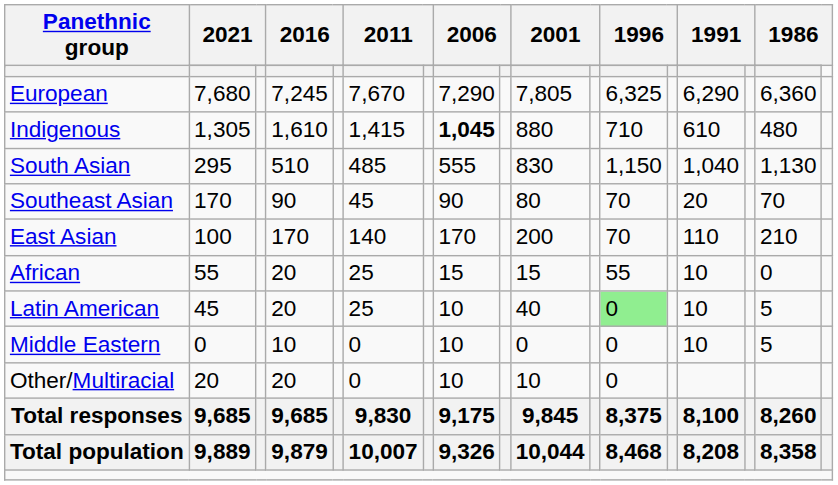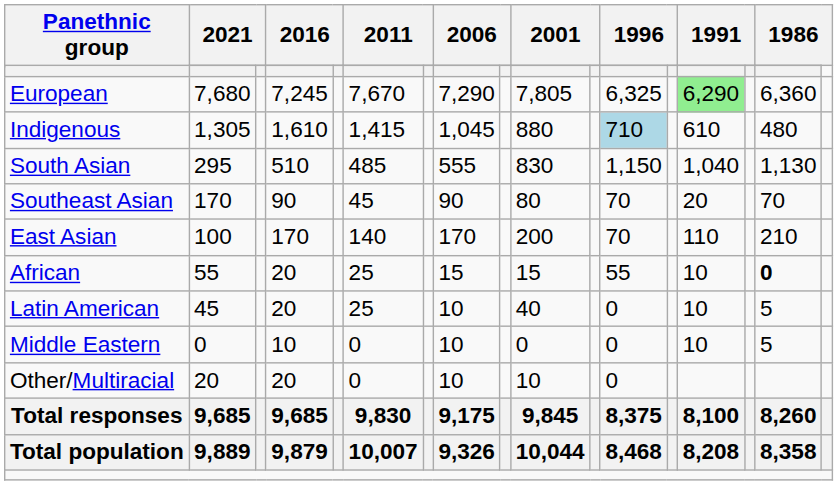 <table class="wikitable collapsible sortable">
 <tr>
 <th rowspan="2"><a href='#'>Panethnic</a><br>group</th>
 <th colspan="2">2021</th>
 <th colspan="2">2016</th>
 <th colspan="2">2011</th>
 <th colspan="2">2006</th>
 <th colspan="2">2001</th>
 <th colspan="2">1996</th>
 <th colspan="2">1991</th>
 <th colspan="2">1986</th>
 </tr>
 <tr>
 </tr>
 <tr>
 <th><a href='#'></a></th>
 <th></th>
 <th></th>
 <th></th>
 <th></th>
 <th></th>
 <th></th>
 <th></th>
 <th></th>
 <th></th>
 <th></th>
 <th></th>
 <th></th>
 <th></th>
 <th></th>
 <th></th>
 </tr>
 <tr>
 <td><a href='#'>European</a></td>
 <td>7,680</td>
 <td></td>
 <td>7,245</td>
 <td></td>
 <td>7,670</td>
 <td></td>
 <td>7,290</td>
 <td></td>
 <td>7,805</td>
 <td></td>
 <td>6,325</td>
 <td></td>
-<td>6,290</td>
+<td style="background: lightgreen;">6,290</td>
 <td></td>
 <td>6,360</td>
 <td></td>
 </tr>
 <tr>
 <td><a href='#'>Indigenous</a></td>
 <td>1,305</td>
 <td></td>
 <td>1,610</td>
 <td></td>
 <td>1,415</td>
 <td></td>
-<td><strong>1,045</strong></td>
+<td>1,045</td>
 <td></td>
 <td>880</td>
 <td></td>
-<td>710</td>
+<td style="background: lightblue;">710</td>
 <td></td>
 <td>610</td>
 <td></td>
 <td>480</td>
 <td></td>
 </tr>
 <tr>
 <td><a href='#'>South Asian</a></td>
 <td>295</td>
 <td></td>
 <td>510</td>
 <td></td>
 <td>485</td>
 <td></td>
 <td>555</td>
 <td></td>
 <td>830</td>
 <td></td>
 <td>1,150</td>
 <td></td>
 <td>1,040</td>
 <td></td>
 <td>1,130</td>
 <td></td>
 </tr>
 <tr>
 <td><a href='#'>Southeast Asian</a></td>
 <td>170</td>
 <td></td>
 <td>90</td>
 <td></td>
 <td>45</td>
 <td></td>
 <td>90</td>
 <td></td>
 <td>80</td>
 <td></td>
 <td>70</td>
 <td></td>
 <td>20</td>
 <td></td>
 <td>70</td>
 <td></td>
 </tr>
 <tr>
 <td><a href='#'>East Asian</a></td>
 <td>100</td>
 <td></td>
 <td>170</td>
 <td></td>
 <td>140</td>
 <td></td>
 <td>170</td>
 <td></td>
 <td>200</td>
 <td></td>
 <td>70</td>
 <td></td>
 <td>110</td>
 <td></td>
 <td>210</td>
 <td></td>
 </tr>
 <tr>
 <td><a href='#'>African</a></td>
 <td>55</td>
 <td></td>
 <td>20</td>
 <td></td>
 <td>25</td>
 <td></td>
 <td>15</td>
 <td></td>
 <td>15</td>
 <td></td>
 <td>55</td>
 <td></td>
 <td>10</td>
 <td></td>
-<td>0</td>
+<td><strong>0</strong></td>
 <td></td>
 </tr>
 <tr>
 <td><a href='#'>Latin American</a></td>
 <td>45</td>
 <td></td>
 <td>20</td>
 <td></td>
 <td>25</td>
 <td></td>
 <td>10</td>
 <td></td>
 <td>40</td>
 <td></td>
-<td style="background: lightgreen;">0</td>
+<td>0</td>
 <td></td>
 <td>10</td>
 <td></td>
 <td>5</td>
 <td></td>
 </tr>
 <tr>
 <td><a href='#'>Middle Eastern</a></td>
 <td>0</td>
 <td></td>
 <td>10</td>
 <td></td>
 <td>0</td>
 <td></td>
 <td>10</td>
 <td></td>
 <td>0</td>
 <td></td>
 <td>0</td>
 <td></td>
 <td>10</td>
 <td></td>
 <td>5</td>
 <td></td>
 </tr>
 <tr>
 <td>Other/<a href='#'>Multiracial</a></td>
 <td>20</td>
 <td></td>
 <td>20</td>
 <td></td>
 <td>0</td>
 <td></td>
 <td>10</td>
 <td></td>
 <td>10</td>
 <td></td>
 <td>0</td>
 <td></td>
 <td></td>
 <td></td>
 <td></td>
 <td></td>
 </tr>
 <tr>
 <th>Total responses</th>
 <th>9,685</th>
 <th></th>
 <th>9,685</th>
 <th></th>
 <th>9,830</th>
 <th></th>
 <th>9,175</th>
 <th></th>
 <th>9,845</th>
 <th></th>
 <th>8,375</th>
 <th></th>
 <th>8,100</th>
 <th></th>
 <th>8,260</th>
 <th></th>
 </tr>
 <tr>
 <th>Total population</th>
 <th>9,889</th>
 <th></th>
 <th>9,879</th>
 <th></th>
 <th>10,007</th>
 <th></th>
 <th>9,326</th>
 <th></th>
 <th>10,044</th>
 <th></th>
 <th>8,468</th>
 <th></th>
 <th>8,208</th>
 <th></th>
 <th>8,358</th>
 <th></th>
 </tr>
 <tr class="sortbottom">
 <td colspan="20"></td>
 </tr>
 </table>
